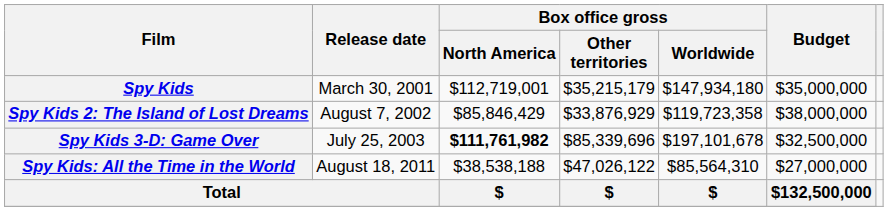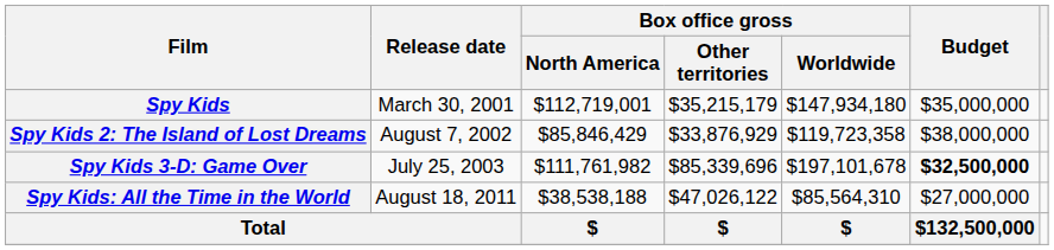 <table class="wikitable plainrowheaders" style="text-align:center;">
 <tr>
 <th rowspan="2">Film</th>
 <th rowspan="2">Release date</th>
 <th colspan="3">Box office gross</th>
 <th rowspan="2">Budget</th>
 <th rowspan="2"></th>
 </tr>
 <tr>
 <th>North America</th>
 <th>Other<br>territories</th>
 <th>Worldwide</th>
 </tr>
 <tr>
 <th scope="row"><em><a href='#'>Spy Kids</a></em></th>
 <td>March 30, 2001</td>
 <td>$112,719,001</td>
 <td>$35,215,179</td>
 <td>$147,934,180</td>
 <td>$35,000,000</td>
 <td></td>
 </tr>
 <tr>
 <th scope="row"><em><a href='#'>Spy Kids 2: The Island of Lost Dreams</a></em></th>
 <td>August 7, 2002</td>
 <td>$85,846,429</td>
 <td>$33,876,929</td>
 <td>$119,723,358</td>
 <td>$38,000,000</td>
 <td></td>
 </tr>
 <tr>
 <th scope="row"><em><a href='#'>Spy Kids 3-D: Game Over</a></em></th>
 <td>July 25, 2003</td>
-<td><strong>$111,761,982</strong></td>
+<td>$111,761,982</td>
 <td>$85,339,696</td>
 <td>$197,101,678</td>
-<td>$32,500,000</td>
+<td><strong>$32,500,000</strong></td>
 <td></td>
 </tr>
 <tr>
 <th scope="row"><em><a href='#'>Spy Kids: All the Time in the World</a></em></th>
 <td>August 18, 2011</td>
 <td>$38,538,188</td>
 <td>$47,026,122</td>
 <td>$85,564,310</td>
 <td>$27,000,000</td>
 <td></td>
 </tr>
 <tr>
 <th colspan="2"><strong>Total</strong></th>
 <th>$</th>
 <th>$</th>
 <th>$</th>
 <th>$132,500,000</th>
 </tr>
 <tr>
 </tr>
 </table>
